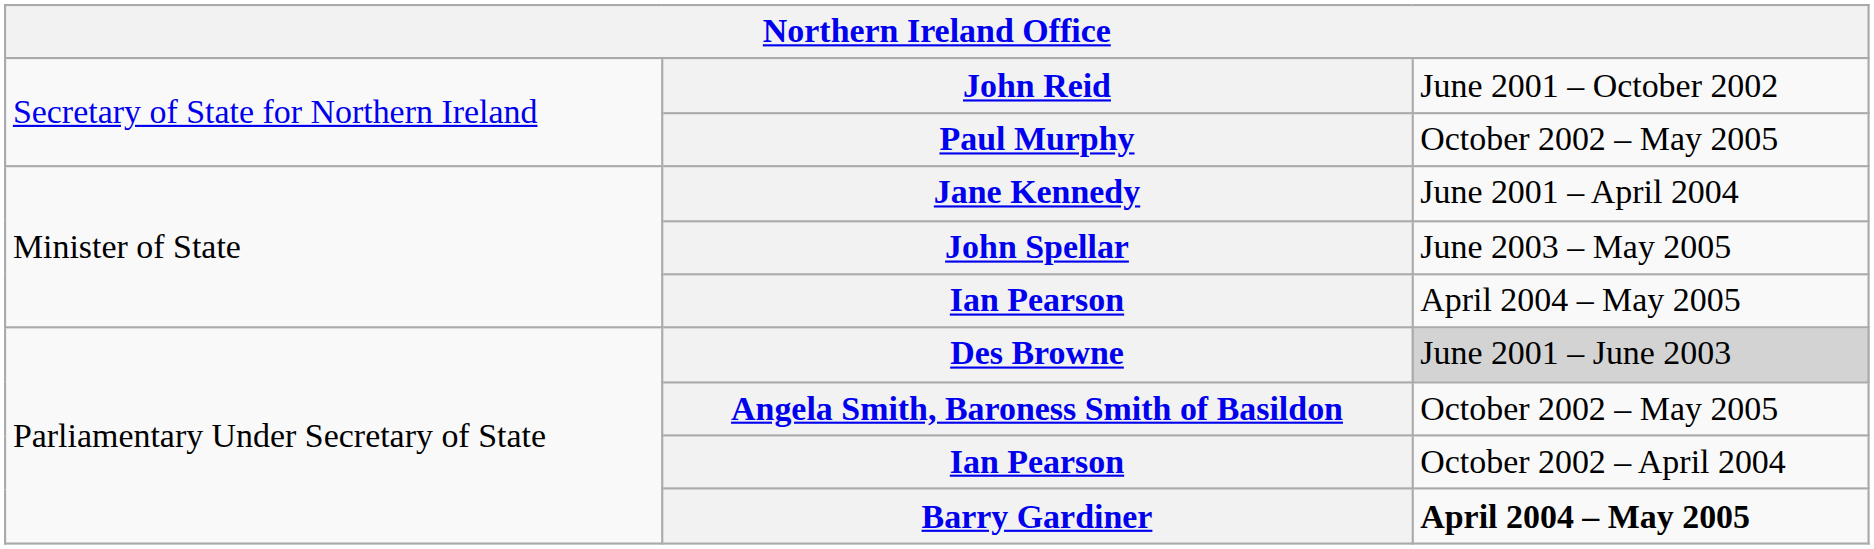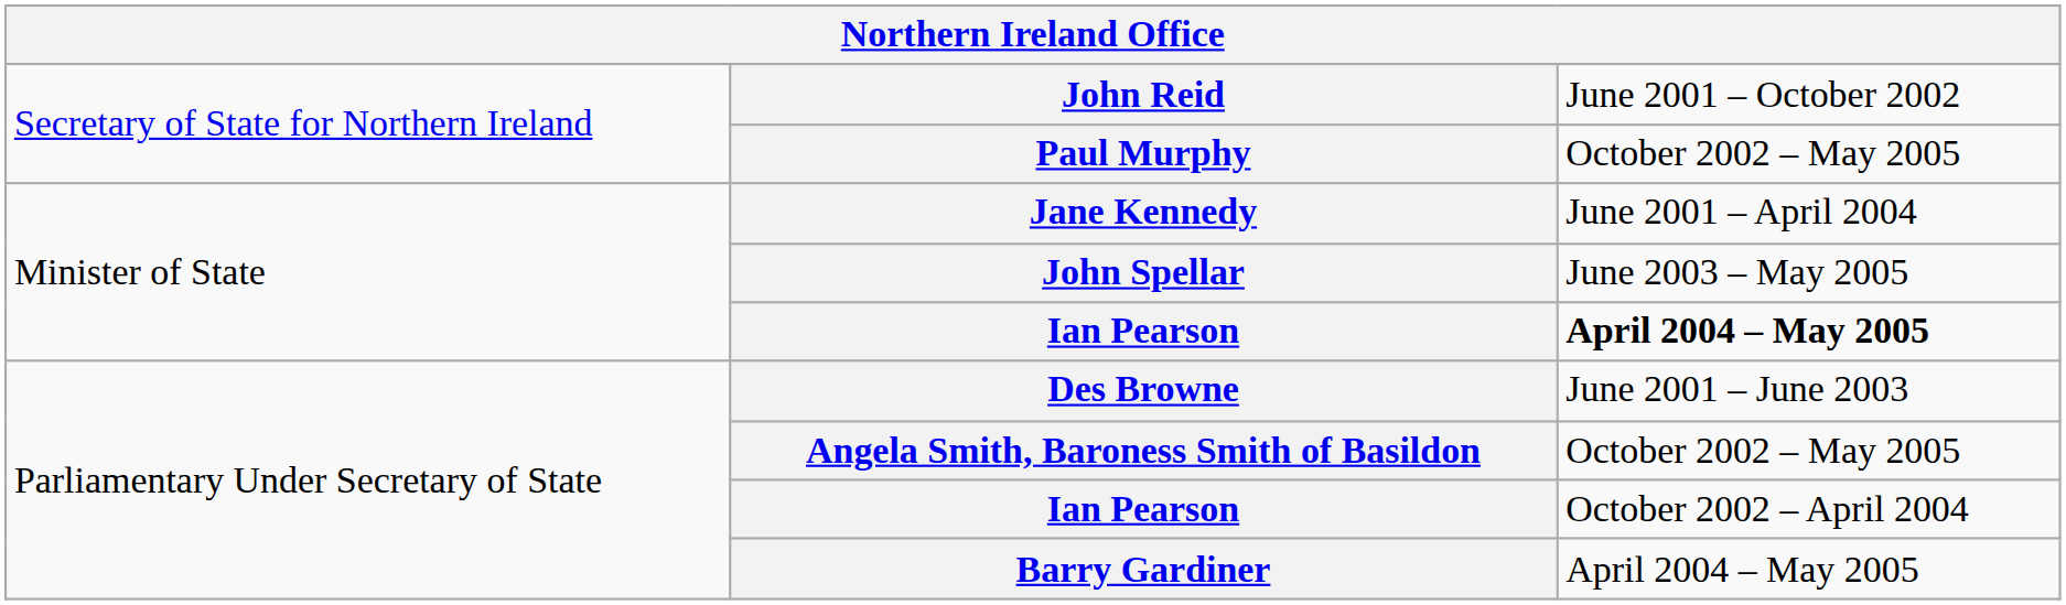 <table class="wikitable plainrowheaders" width=100% style="max-width:55em;">
 <tr>
 <th colspan=4><a href='#'>Northern Ireland Office</a></th>
 </tr>
 <tr>
 <td rowspan="2"><a href='#'>Secretary of State for Northern Ireland</a></td>
 <th scope="row" style="font-weight:bold;"><a href='#'>John Reid</a></th>
 <td>June 2001 – October 2002</td>
 </tr>
 <tr>
 <th scope="row" style="font-weight:bold;"><a href='#'>Paul Murphy</a></th>
 <td>October 2002 – May 2005</td>
 </tr>
 <tr>
 <td rowspan="3">Minister of State</td>
 <th scope="row"><a href='#'>Jane Kennedy</a></th>
 <td>June 2001 – April 2004</td>
 </tr>
 <tr>
 <th scope="row"><a href='#'>John Spellar</a></th>
 <td>June 2003 – May 2005</td>
 </tr>
 <tr>
 <th scope="row"><a href='#'>Ian Pearson</a></th>
-<td>April 2004 – May 2005</td>
+<td><strong>April 2004 – May 2005</strong></td>
 </tr>
 <tr>
 <td rowspan="4">Parliamentary Under Secretary of State</td>
 <th scope="row"><a href='#'>Des Browne</a></th>
-<td style="background: lightgrey;">June 2001 – June 2003</td>
+<td>June 2001 – June 2003</td>
 </tr>
 <tr>
 <th scope="row"><a href='#'>Angela Smith, Baroness Smith of Basildon</a></th>
 <td>October 2002 – May 2005</td>
 </tr>
 <tr>
 <th scope="row"><a href='#'>Ian Pearson</a></th>
 <td>October 2002 – April 2004</td>
 </tr>
 <tr>
 <th scope="row"><a href='#'>Barry Gardiner</a></th>
-<td><strong>April 2004 – May 2005</strong></td>
+<td>April 2004 – May 2005</td>
 </tr>
 </table>
